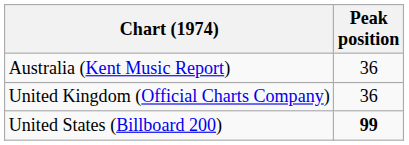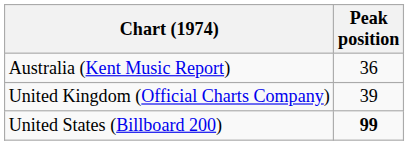 <table class="wikitable">
 <tr>
 <th scope="col">Chart (1974)</th>
 <th>Peak<br>position</th>
 </tr>
 <tr>
 <td>Australia (<a href='#'>Kent Music Report</a>)</td>
 <td style="text-align:center;">36</td>
 </tr>
 <tr>
 <td>United Kingdom (<a href='#'>Official Charts Company</a>)</td>
-<td style="text-align:center;">36</td>
+<td style="text-align:center;">39</td>
 </tr>
 <tr>
 <td>United States (<a href='#'>Billboard 200</a>)</td>
 <td style="text-align:center;"><strong>99</strong></td>
 </tr>
 </table>
